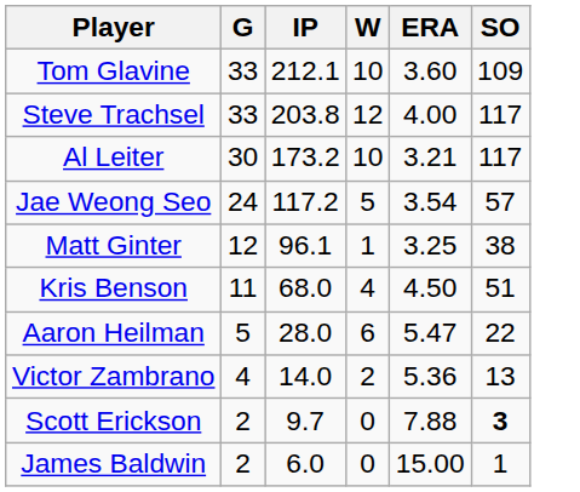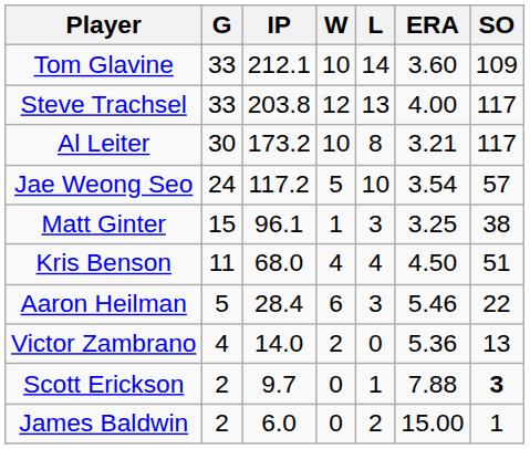 <table class="wikitable sortable">
 <tr>
 <th>Player</th>
 <th>G</th>
 <th>IP</th>
 <th>W</th>
+<th>L</th>
 <th>ERA</th>
 <th>SO</th>
 </tr>
 <tr align=center>
 <td><a href='#'>Tom Glavine</a></td>
 <td>33</td>
 <td>212.1</td>
 <td>10</td>
+<td>14</td>
 <td>3.60</td>
 <td>109</td>
 </tr>
 <tr align=center>
 <td><a href='#'>Steve Trachsel</a></td>
 <td>33</td>
 <td>203.8</td>
 <td>12</td>
+<td>13</td>
 <td>4.00</td>
 <td>117</td>
 </tr>
 <tr align=center>
 <td><a href='#'>Al Leiter</a></td>
 <td>30</td>
 <td>173.2</td>
 <td>10</td>
+<td>8</td>
 <td>3.21</td>
 <td>117</td>
 </tr>
 <tr align=center>
 <td><a href='#'>Jae Weong Seo</a></td>
 <td>24</td>
 <td>117.2</td>
 <td>5</td>
+<td>10</td>
 <td>3.54</td>
 <td>57</td>
 </tr>
 <tr align=center>
 <td><a href='#'>Matt Ginter</a></td>
-<td>12</td>
+<td>15</td>
 <td>96.1</td>
 <td>1</td>
+<td>3</td>
 <td>3.25</td>
 <td>38</td>
 </tr>
 <tr align=center>
 <td><a href='#'>Kris Benson</a></td>
 <td>11</td>
 <td>68.0</td>
 <td>4</td>
+<td>4</td>
 <td>4.50</td>
 <td>51</td>
 </tr>
 <tr align=center>
 <td><a href='#'>Aaron Heilman</a></td>
 <td>5</td>
-<td>28.0</td>
+<td>28.4</td>
 <td>6</td>
-<td>5.47</td>
+<td>3</td>
+<td>5.46</td>
 <td>22</td>
 </tr>
 <tr align=center>
 <td><a href='#'>Victor Zambrano</a></td>
 <td>4</td>
 <td>14.0</td>
 <td>2</td>
+<td>0</td>
 <td>5.36</td>
 <td>13</td>
 </tr>
 <tr align=center>
 <td><a href='#'>Scott Erickson</a></td>
 <td>2</td>
 <td>9.7</td>
 <td>0</td>
+<td>1</td>
 <td>7.88</td>
 <td><strong>3</strong></td>
 </tr>
 <tr align=center>
 <td><a href='#'>James Baldwin</a></td>
 <td>2</td>
 <td>6.0</td>
 <td>0</td>
+<td>2</td>
 <td>15.00</td>
 <td>1</td>
 </tr>
 </table>
